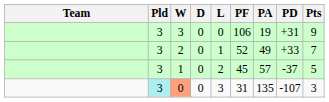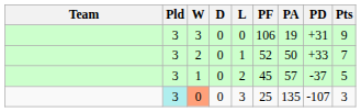 <table class="wikitable" style="text-align:center;">
 <tr>
 <th width="190">Team</th>
 <th width="20" abbr="Played">Pld</th>
 <th width="20" abbr="Won">W</th>
 <th width="20" abbr="Drawn">D</th>
 <th width="20" abbr="Lost">L</th>
 <th width="20" abbr="Points for">PF</th>
 <th width="20" abbr="Points against">PA</th>
 <th width="25" abbr="Points difference">PD</th>
 <th width="20" abbr="Points">Pts</th>
 </tr>
 <tr style="background:#ccffcc">
 <td align="left"></td>
 <td>3</td>
 <td>3</td>
 <td>0</td>
 <td>0</td>
 <td>106</td>
 <td>19</td>
 <td>+31</td>
 <td>9</td>
 </tr>
 <tr style="background:#ccffcc">
 <td align="left"></td>
 <td>3</td>
 <td>2</td>
 <td>0</td>
 <td>1</td>
 <td>52</td>
-<td>49</td>
+<td>50</td>
 <td>+33</td>
 <td>7</td>
 </tr>
 <tr style="background:#ccffcc">
 <td align="left"></td>
 <td>3</td>
 <td>1</td>
 <td>0</td>
 <td>2</td>
 <td>45</td>
 <td>57</td>
 <td>-37</td>
 <td>5</td>
 </tr>
 <tr>
 <td align="left"></td>
 <td style="background: paleturquoise;">3</td>
 <td style="background: lightsalmon;">0</td>
 <td>0</td>
 <td>3</td>
-<td>31</td>
+<td>25</td>
 <td>135</td>
 <td>-107</td>
 <td>3</td>
 </tr>
 </table>
